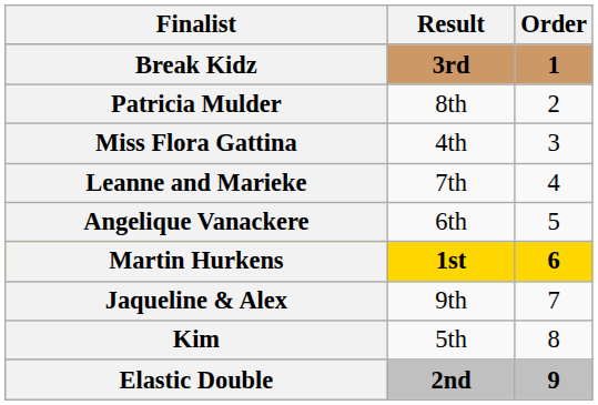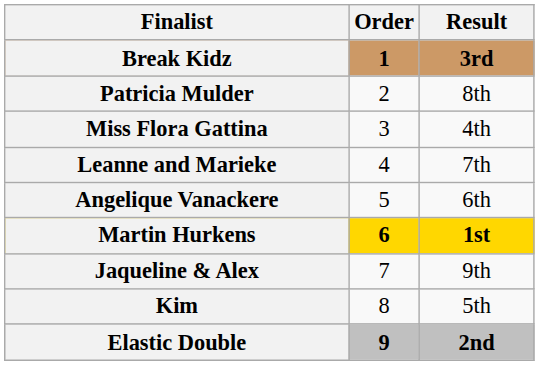 <table class="wikitable sortable plainrowheaders" style="text-align:center; width:30%;">
 <tr>
 <th class="unsortable">Finalist</th>
+<th data-sort-type="number" style="width:1em;">Order</th>
 <th data-sort-type="number">Result</th>
-<th data-sort-type="number" style="width:1em;">Order</th>
 </tr>
 <tr bgcolor=#c96>
 <th scope="row"><strong>Break Kidz</strong></th>
+<td><strong>1</strong></td>
 <td><strong>3rd</strong></td>
-<td><strong>1</strong></td>
 </tr>
 <tr>
 <th scope="row">Patricia Mulder</th>
+<td>2</td>
 <td>8th</td>
-<td>2</td>
 </tr>
 <tr>
 <th scope="row">Miss Flora Gattina</th>
+<td>3</td>
 <td>4th</td>
-<td>3</td>
 </tr>
 <tr>
 <th scope="row">Leanne and Marieke</th>
+<td>4</td>
 <td>7th</td>
-<td>4</td>
 </tr>
 <tr>
 <th scope="row">Angelique Vanackere</th>
+<td>5</td>
 <td>6th</td>
-<td>5</td>
 </tr>
 <tr bgcolor=gold>
 <th scope="row"><strong>Martin Hurkens</strong></th>
+<td><strong>6</strong></td>
 <td><strong>1st</strong></td>
-<td><strong>6</strong></td>
 </tr>
 <tr>
 <th scope="row">Jaqueline & Alex</th>
+<td>7</td>
 <td>9th</td>
-<td>7</td>
 </tr>
 <tr>
 <th scope="row">Kim</th>
+<td>8</td>
 <td>5th</td>
-<td>8</td>
 </tr>
 <tr bgcolor=silver>
 <th scope="row"><strong>Elastic Double</strong></th>
+<td><strong>9</strong></td>
 <td><strong>2nd</strong></td>
-<td><strong>9</strong></td>
 </tr>
 </table>
